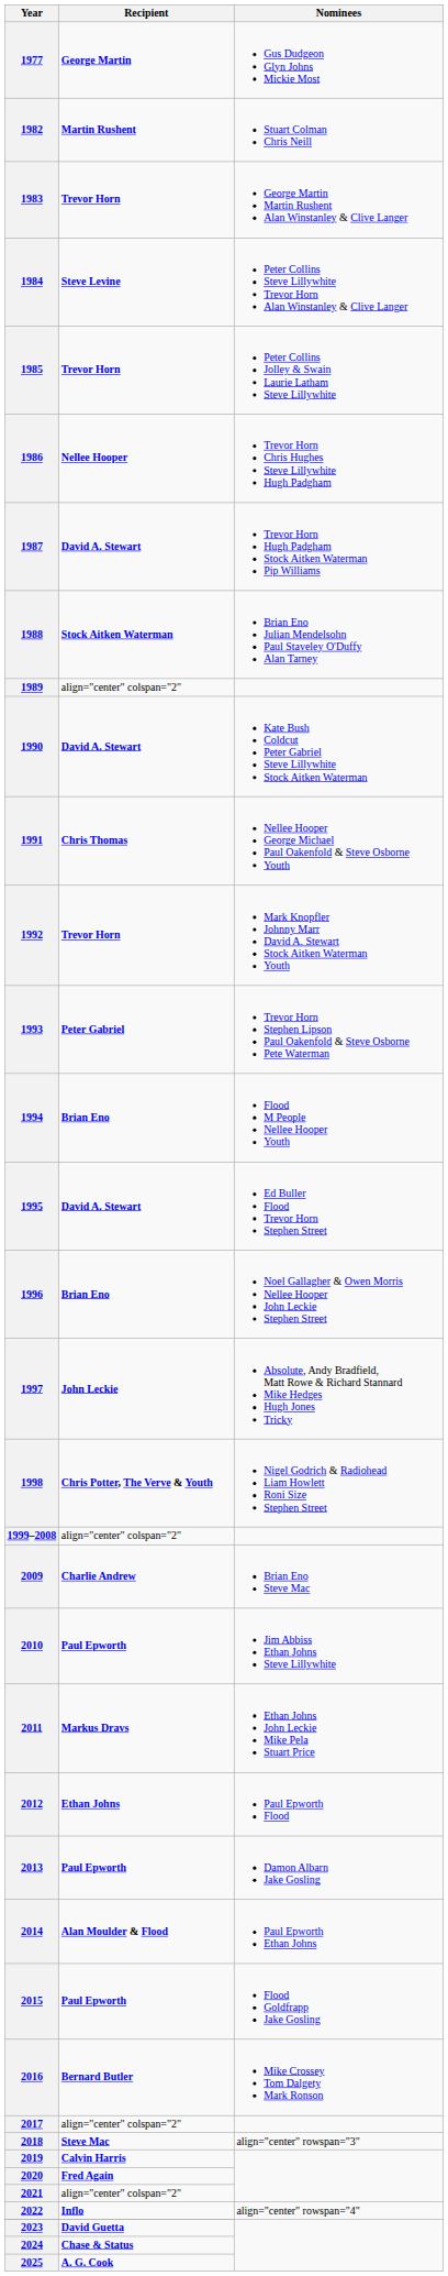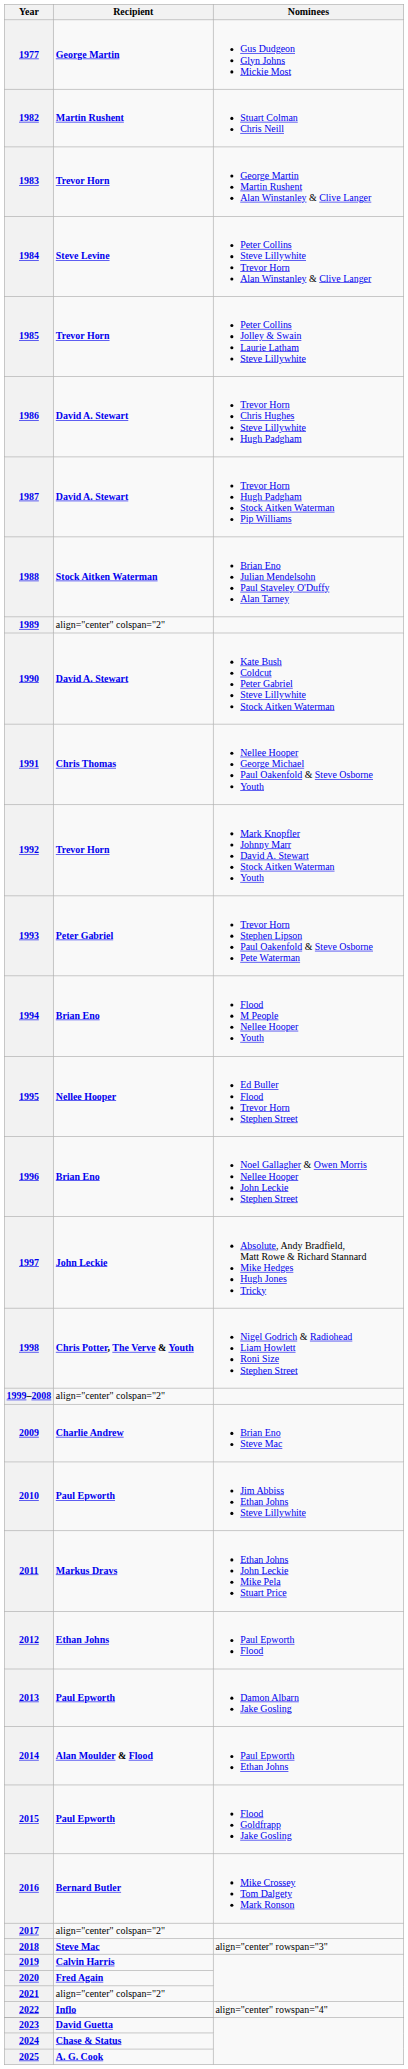 <table class="wikitable sortable">
 <tr>
 <th>Year</th>
 <th width=250px>Recipient</th>
 <th width=300px class=unsortable>Nominees</th>
 </tr>
 <tr>
 <th><a href='#'>1977</a></th>
 <td><strong><a href='#'>George Martin</a></strong></td>
 <td><br><ul><li><a href='#'>Gus Dudgeon</a></li><li><a href='#'>Glyn Johns</a></li><li><a href='#'>Mickie Most</a></li></ul></td>
 </tr>
 <tr>
 <th><a href='#'>1982</a></th>
 <td><strong><a href='#'>Martin Rushent</a></strong></td>
 <td><br><ul><li><a href='#'>Stuart Colman</a></li><li><a href='#'>Chris Neill</a></li></ul></td>
 </tr>
 <tr>
 <th><a href='#'>1983</a></th>
 <td><strong><a href='#'>Trevor Horn</a></strong></td>
 <td><br><ul><li><a href='#'>George Martin</a></li><li><a href='#'>Martin Rushent</a></li><li><a href='#'>Alan Winstanley</a> & <a href='#'>Clive Langer</a></li></ul></td>
 </tr>
 <tr>
 <th><a href='#'>1984</a></th>
 <td><strong><a href='#'>Steve Levine</a></strong></td>
 <td><br><ul><li><a href='#'>Peter Collins</a></li><li><a href='#'>Steve Lillywhite</a></li><li><a href='#'>Trevor Horn</a></li><li><a href='#'>Alan Winstanley</a> & <a href='#'>Clive Langer</a></li></ul></td>
 </tr>
 <tr>
 <th><a href='#'>1985</a></th>
 <td><strong><a href='#'>Trevor Horn</a></strong></td>
 <td><br><ul><li><a href='#'>Peter Collins</a></li><li><a href='#'>Jolley & Swain</a></li><li><a href='#'>Laurie Latham</a></li><li><a href='#'>Steve Lillywhite</a></li></ul></td>
 </tr>
 <tr>
 <th><a href='#'>1986</a></th>
-<td><strong><a href='#'>Nellee Hooper</a></strong></td>
+<td><strong><a href='#'>David A. Stewart</a></strong></td>
 <td><br><ul><li><a href='#'>Trevor Horn</a></li><li><a href='#'>Chris Hughes</a></li><li><a href='#'>Steve Lillywhite</a></li><li><a href='#'>Hugh Padgham</a></li></ul></td>
 </tr>
 <tr>
 <th><a href='#'>1987</a></th>
 <td><strong><a href='#'>David A. Stewart</a></strong></td>
 <td><br><ul><li><a href='#'>Trevor Horn</a></li><li><a href='#'>Hugh Padgham</a></li><li><a href='#'>Stock Aitken Waterman</a></li><li><a href='#'>Pip Williams</a></li></ul></td>
 </tr>
 <tr>
 <th><a href='#'>1988</a></th>
 <td><strong><a href='#'>Stock Aitken Waterman</a></strong></td>
 <td><br><ul><li><a href='#'>Brian Eno</a></li><li><a href='#'>Julian Mendelsohn</a></li><li><a href='#'>Paul Staveley O'Duffy</a></li><li><a href='#'>Alan Tarney</a></li></ul></td>
 </tr>
 <tr>
 <th><a href='#'>1989</a></th>
 <td>align="center" colspan="2" </td>
 </tr>
 <tr>
 <th><a href='#'>1990</a></th>
 <td><strong><a href='#'>David A. Stewart</a></strong></td>
 <td><br><ul><li><a href='#'>Kate Bush</a></li><li><a href='#'>Coldcut</a></li><li><a href='#'>Peter Gabriel</a></li><li><a href='#'>Steve Lillywhite</a></li><li><a href='#'>Stock Aitken Waterman</a></li></ul></td>
 </tr>
 <tr>
 <th><a href='#'>1991</a></th>
 <td><strong><a href='#'>Chris Thomas</a></strong></td>
 <td><br><ul><li><a href='#'>Nellee Hooper</a></li><li><a href='#'>George Michael</a></li><li><a href='#'>Paul Oakenfold</a> & <a href='#'>Steve Osborne</a></li><li><a href='#'>Youth</a></li></ul></td>
 </tr>
 <tr>
 <th><a href='#'>1992</a></th>
 <td><strong><a href='#'>Trevor Horn</a></strong></td>
 <td><br><ul><li><a href='#'>Mark Knopfler</a></li><li><a href='#'>Johnny Marr</a></li><li><a href='#'>David A. Stewart</a></li><li><a href='#'>Stock Aitken Waterman</a></li><li><a href='#'>Youth</a></li></ul></td>
 </tr>
 <tr>
 <th><a href='#'>1993</a></th>
 <td><strong><a href='#'>Peter Gabriel</a></strong></td>
 <td><br><ul><li><a href='#'>Trevor Horn</a></li><li><a href='#'>Stephen Lipson</a></li><li><a href='#'>Paul Oakenfold</a> & <a href='#'>Steve Osborne</a></li><li><a href='#'>Pete Waterman</a></li></ul></td>
 </tr>
 <tr>
 <th><a href='#'>1994</a></th>
 <td><strong><a href='#'>Brian Eno</a></strong></td>
 <td><br><ul><li><a href='#'>Flood</a></li><li><a href='#'>M People</a></li><li><a href='#'>Nellee Hooper</a></li><li><a href='#'>Youth</a></li></ul></td>
 </tr>
 <tr>
 <th><a href='#'>1995</a></th>
-<td><strong><a href='#'>David A. Stewart</a></strong></td>
+<td><strong><a href='#'>Nellee Hooper</a></strong></td>
 <td><br><ul><li><a href='#'>Ed Buller</a></li><li><a href='#'>Flood</a></li><li><a href='#'>Trevor Horn</a></li><li><a href='#'>Stephen Street</a></li></ul></td>
 </tr>
 <tr>
 <th><a href='#'>1996</a></th>
 <td><strong><a href='#'>Brian Eno</a></strong></td>
 <td><br><ul><li><a href='#'>Noel Gallagher</a> & <a href='#'>Owen Morris</a></li><li><a href='#'>Nellee Hooper</a></li><li><a href='#'>John Leckie</a></li><li><a href='#'>Stephen Street</a></li></ul></td>
 </tr>
 <tr>
 <th><a href='#'>1997</a></th>
 <td><strong><a href='#'>John Leckie</a></strong></td>
 <td><br><ul><li><a href='#'>Absolute</a>, Andy Bradfield,<br>Matt Rowe & Richard Stannard</li><li><a href='#'>Mike Hedges</a></li><li><a href='#'>Hugh Jones</a></li><li><a href='#'>Tricky</a></li></ul></td>
 </tr>
 <tr>
 <th><a href='#'>1998</a></th>
 <td><strong><a href='#'>Chris Potter</a>, <a href='#'>The Verve</a> & <a href='#'>Youth</a></strong></td>
 <td><br><ul><li><a href='#'>Nigel Godrich</a> & <a href='#'>Radiohead</a></li><li><a href='#'>Liam Howlett</a></li><li><a href='#'>Roni Size</a></li><li><a href='#'>Stephen Street</a></li></ul></td>
 </tr>
 <tr>
 <th><a href='#'>1999</a>–<a href='#'>2008</a></th>
 <td>align="center" colspan="2" </td>
 </tr>
 <tr>
 <th><a href='#'>2009</a></th>
 <td><strong><a href='#'>Charlie Andrew</a></strong></td>
 <td><br><ul><li><a href='#'>Brian Eno</a></li><li><a href='#'>Steve Mac</a></li></ul></td>
 </tr>
 <tr>
 <th><a href='#'>2010</a></th>
 <td><strong><a href='#'>Paul Epworth</a></strong></td>
 <td><br><ul><li><a href='#'>Jim Abbiss</a></li><li><a href='#'>Ethan Johns</a></li><li><a href='#'>Steve Lillywhite</a></li></ul></td>
 </tr>
 <tr>
 <th><a href='#'>2011</a></th>
 <td><strong><a href='#'>Markus Dravs</a></strong></td>
 <td><br><ul><li><a href='#'>Ethan Johns</a></li><li><a href='#'>John Leckie</a></li><li><a href='#'>Mike Pela</a></li><li><a href='#'>Stuart Price</a></li></ul></td>
 </tr>
 <tr>
 <th><a href='#'>2012</a></th>
 <td><strong><a href='#'>Ethan Johns</a></strong></td>
 <td><br><ul><li><a href='#'>Paul Epworth</a></li><li><a href='#'>Flood</a></li></ul></td>
 </tr>
 <tr>
 <th><a href='#'>2013</a></th>
 <td><strong><a href='#'>Paul Epworth</a></strong></td>
 <td><br><ul><li><a href='#'>Damon Albarn</a></li><li><a href='#'>Jake Gosling</a></li></ul></td>
 </tr>
 <tr>
 <th><a href='#'>2014</a></th>
 <td><strong><a href='#'>Alan Moulder</a> & <a href='#'>Flood</a></strong></td>
 <td><br><ul><li><a href='#'>Paul Epworth</a></li><li><a href='#'>Ethan Johns</a></li></ul></td>
 </tr>
 <tr>
 <th><a href='#'>2015</a></th>
 <td><strong><a href='#'>Paul Epworth</a></strong></td>
 <td><br><ul><li><a href='#'>Flood</a></li><li><a href='#'>Goldfrapp</a></li><li><a href='#'>Jake Gosling</a></li></ul></td>
 </tr>
 <tr>
 <th><a href='#'>2016</a></th>
 <td><strong><a href='#'>Bernard Butler</a></strong></td>
 <td><br><ul><li><a href='#'>Mike Crossey</a></li><li><a href='#'>Tom Dalgety</a></li><li><a href='#'>Mark Ronson</a></li></ul></td>
 </tr>
 <tr>
 <th><a href='#'>2017</a></th>
 <td>align="center" colspan="2" </td>
 </tr>
 <tr>
 <th><a href='#'>2018</a></th>
 <td><strong><a href='#'>Steve Mac</a></strong></td>
 <td>align="center" rowspan="3" </td>
 </tr>
 <tr>
 <th><a href='#'>2019</a></th>
 <td><strong><a href='#'>Calvin Harris</a></strong></td>
 </tr>
 <tr>
 <th><a href='#'>2020</a></th>
 <td><strong><a href='#'>Fred Again</a></strong></td>
 </tr>
 <tr>
 <th><a href='#'>2021</a></th>
 <td>align="center" colspan="2" </td>
 </tr>
 <tr>
 <th><a href='#'>2022</a></th>
 <td><strong><a href='#'>Inflo</a></strong></td>
 <td>align="center" rowspan="4" </td>
 </tr>
 <tr>
 </tr>
 <tr>
 <th><a href='#'>2023</a></th>
 <td><strong><a href='#'>David Guetta</a></strong></td>
 </tr>
 <tr>
 <th><a href='#'>2024</a></th>
 <td><strong><a href='#'>Chase & Status</a></strong></td>
 </tr>
 <tr>
 <th><a href='#'>2025</a></th>
 <td><strong><a href='#'>A. G. Cook</a></strong></td>
 </tr>
 </table>
